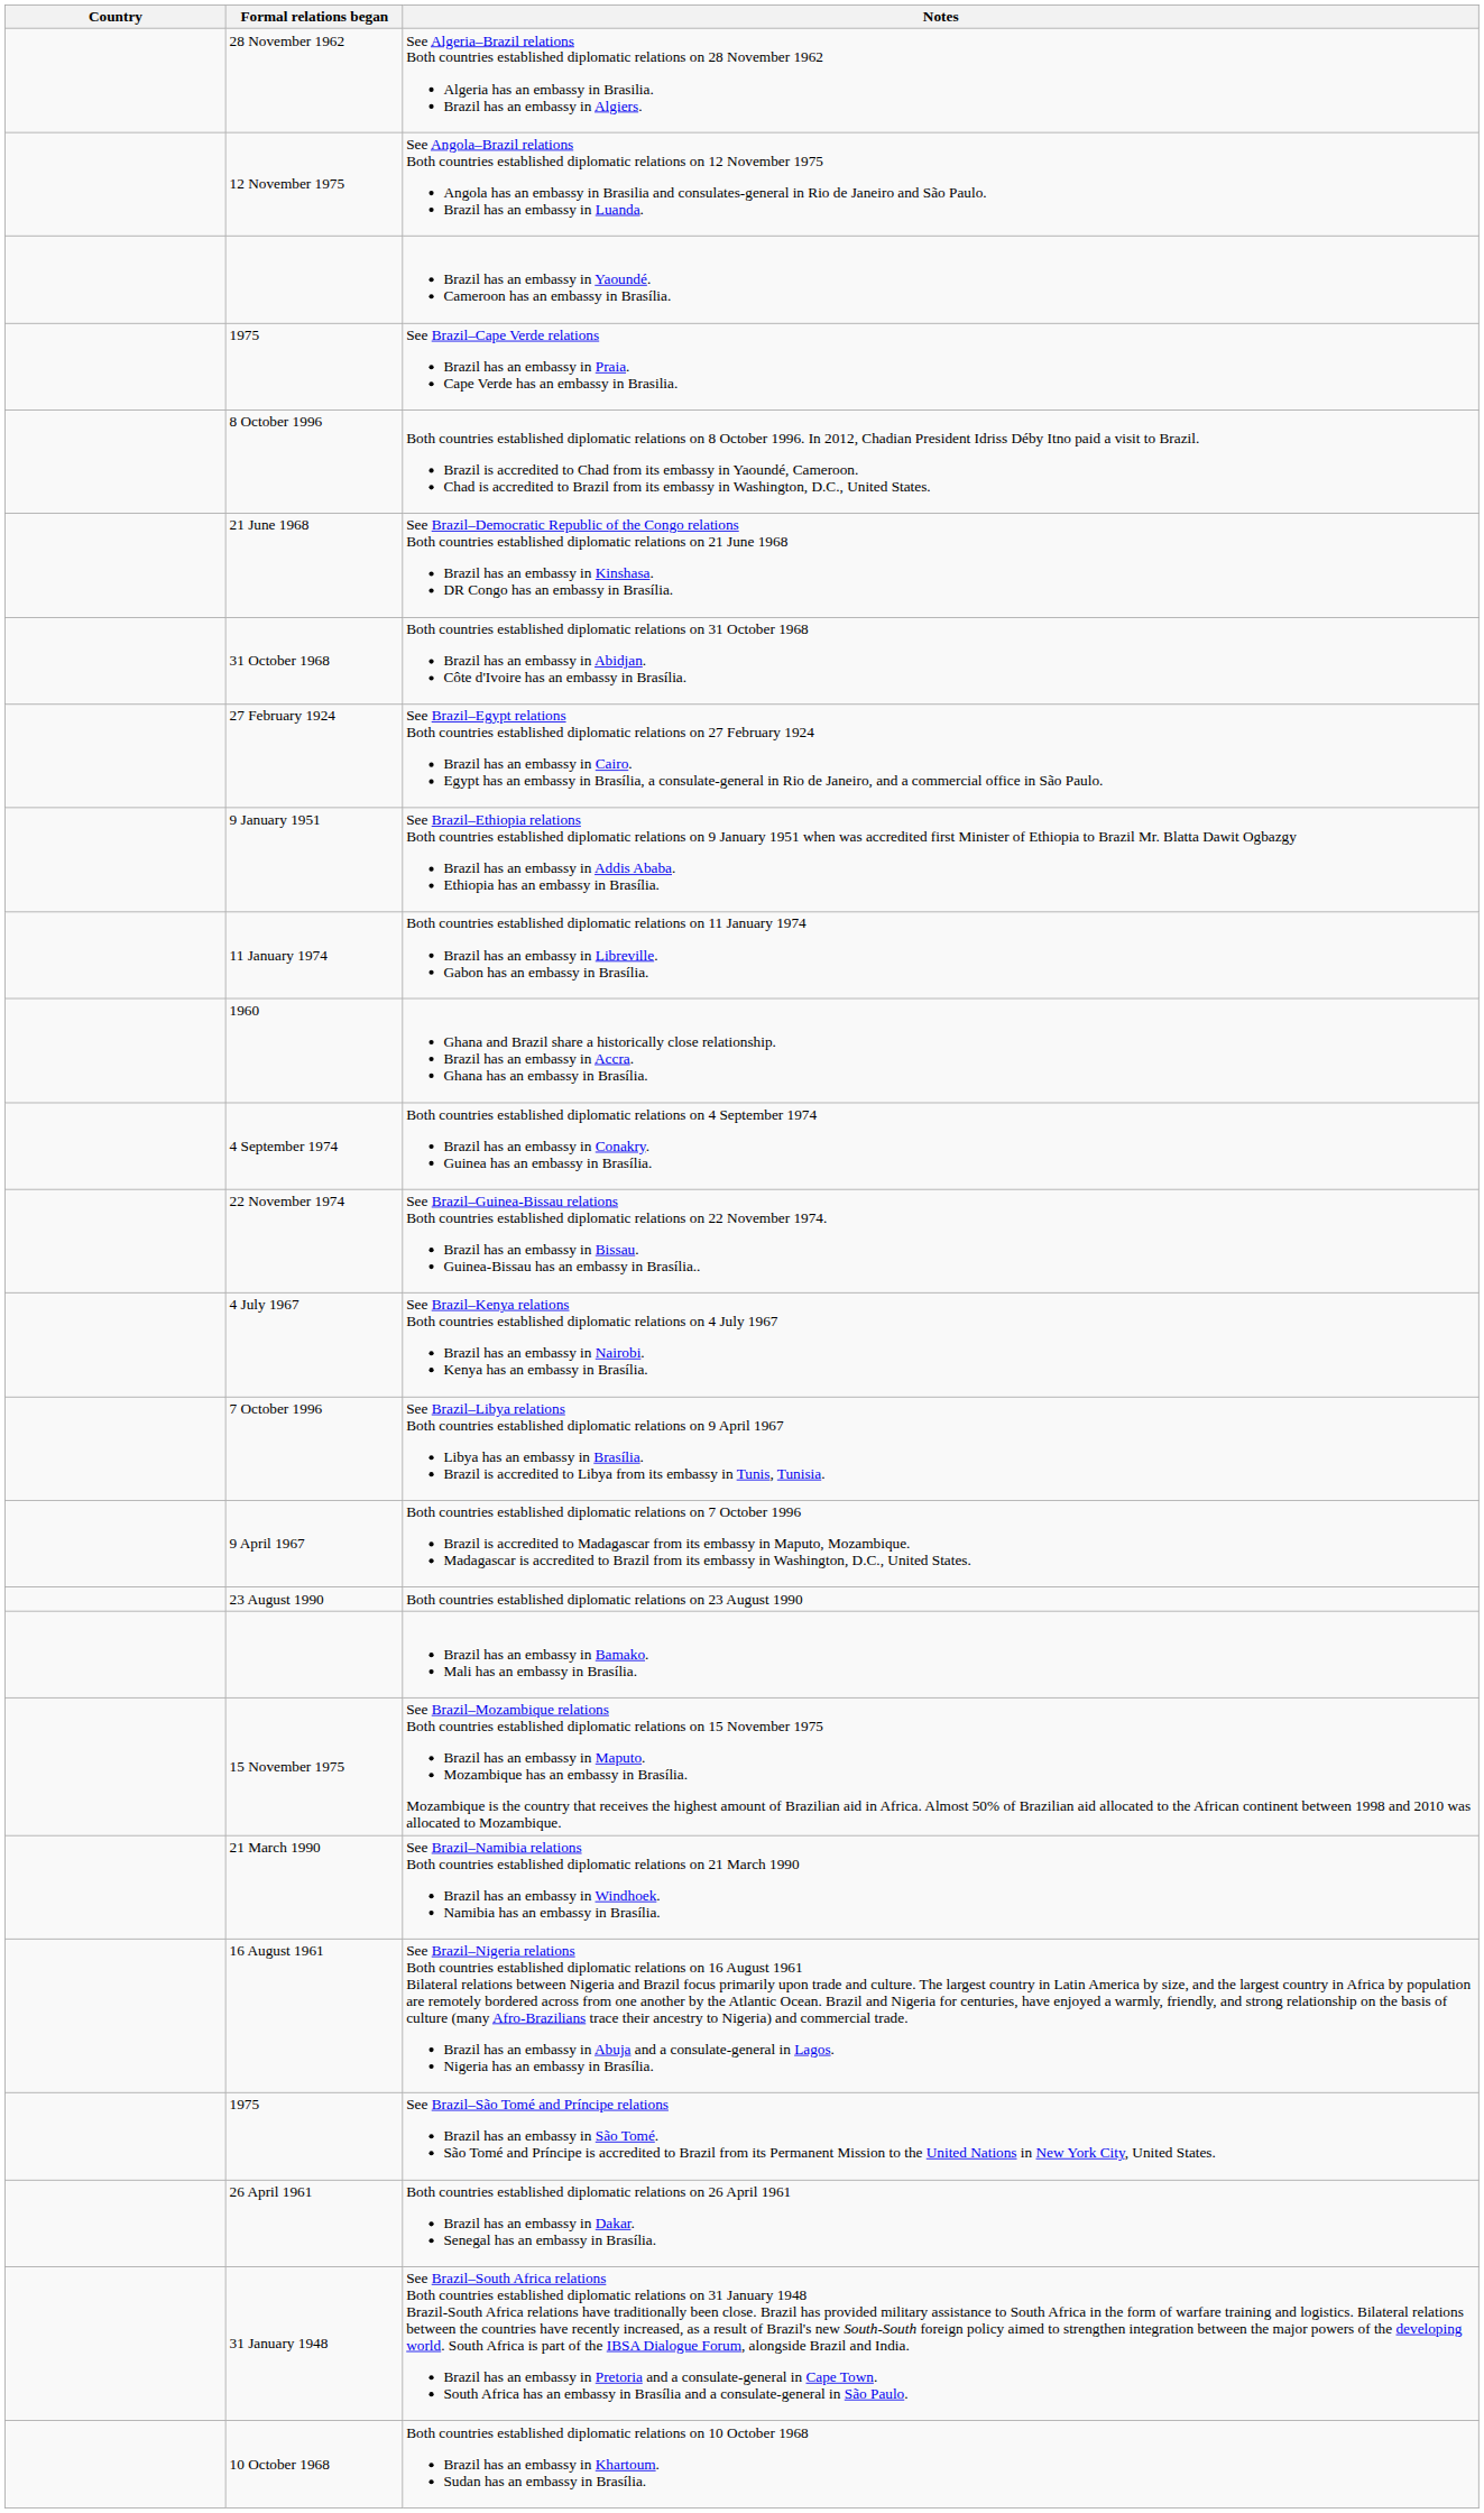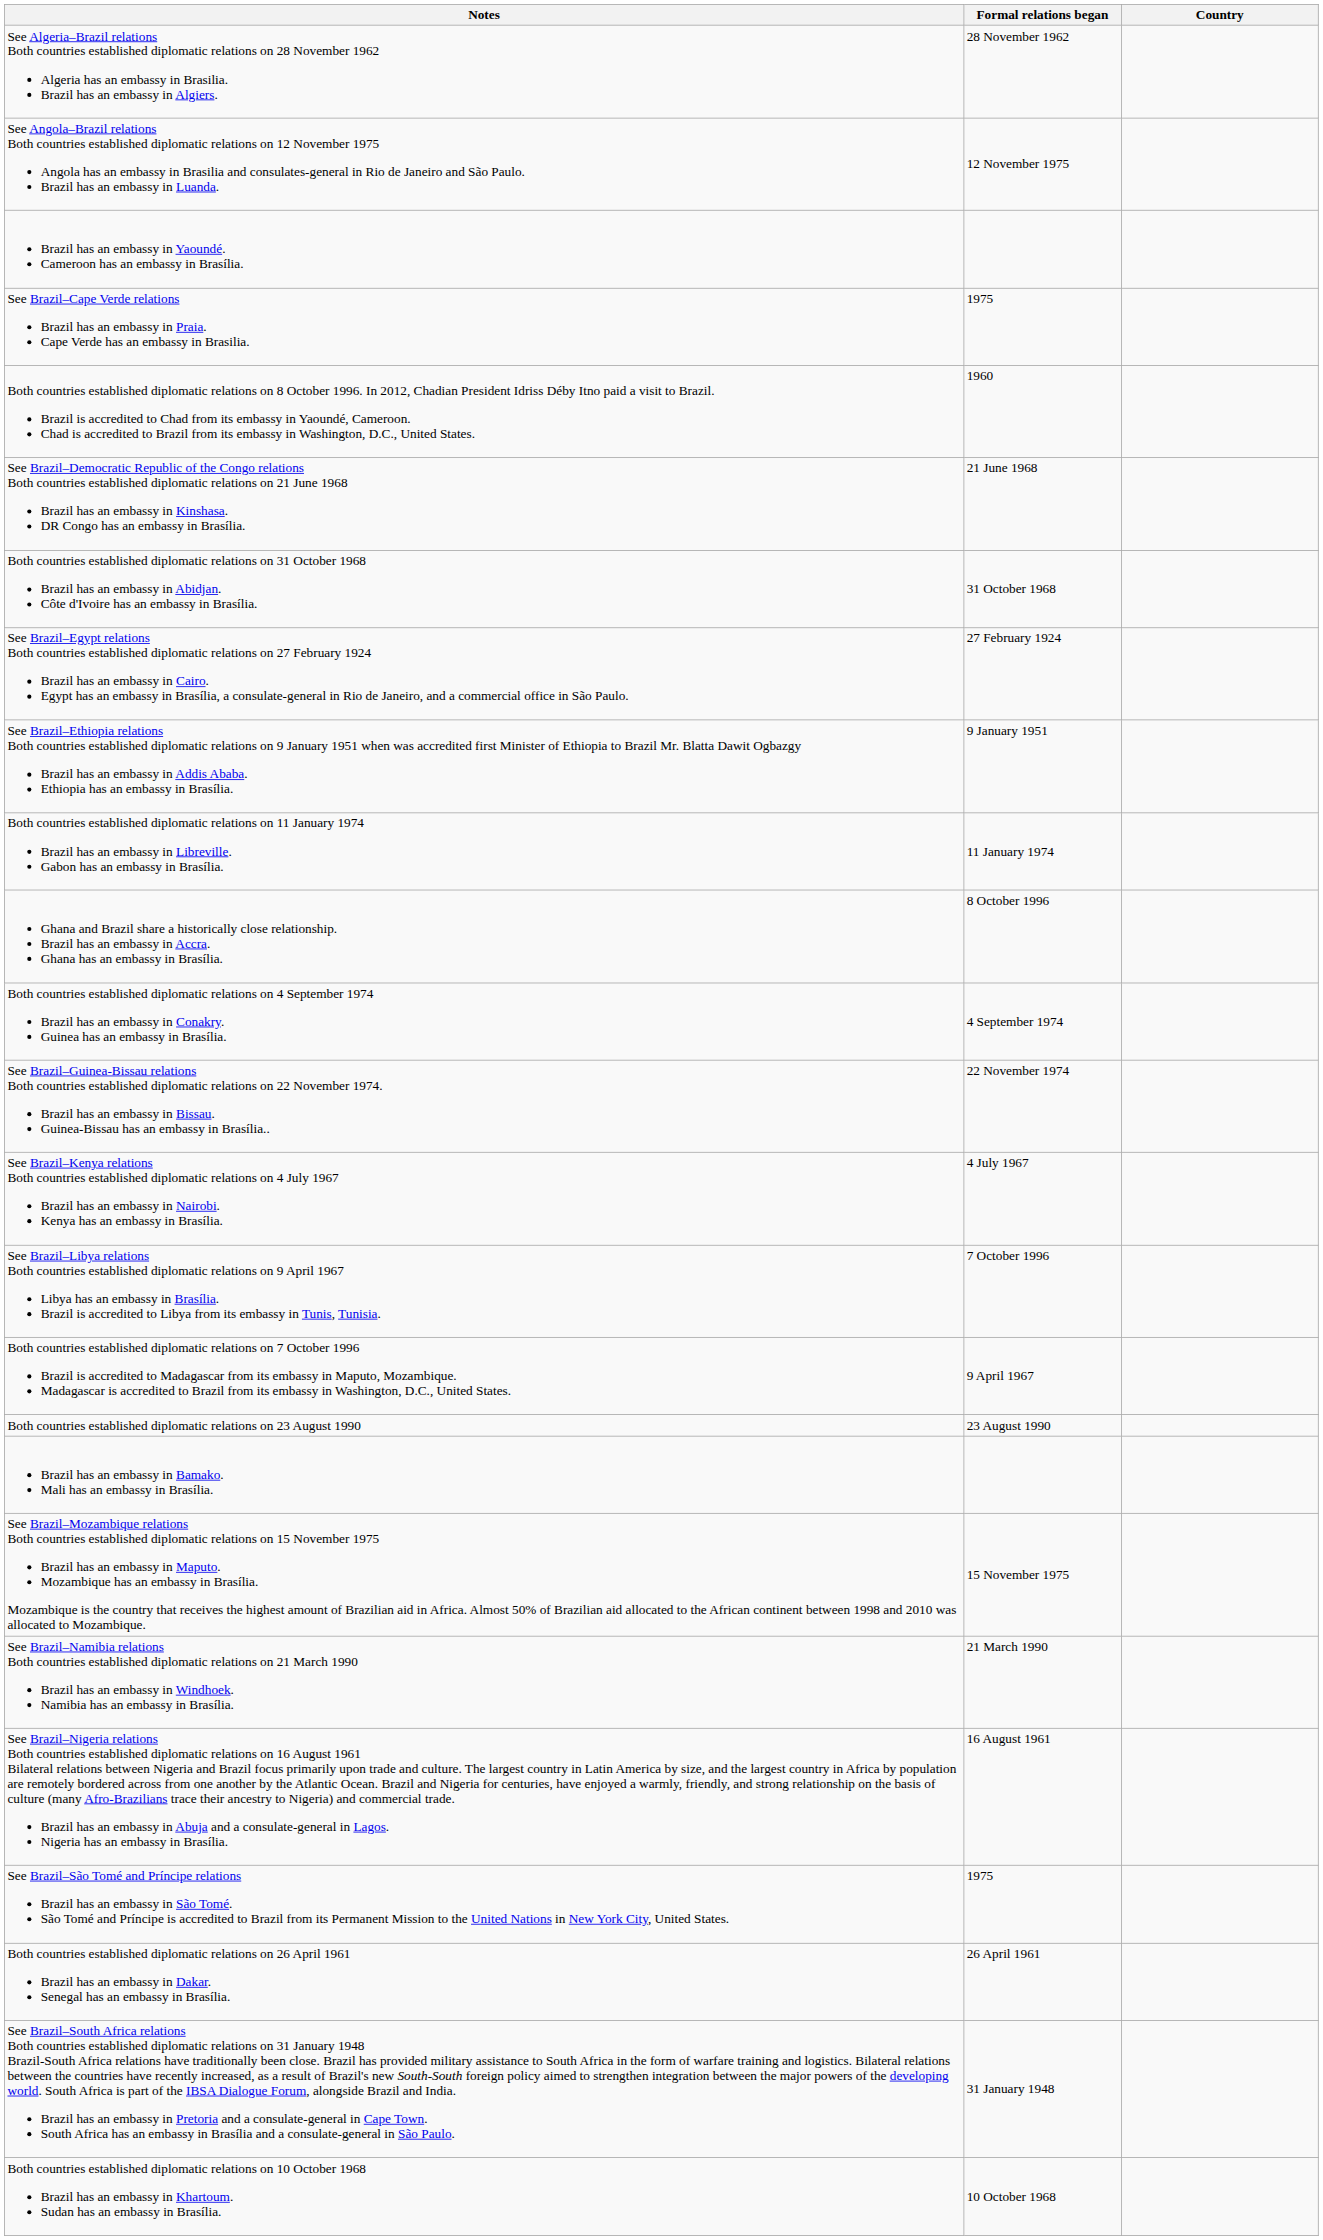 <table class="wikitable sortable" style="width:100%; margin:auto;">
 <tr>
+<th>Notes</th>
+<th style="width:12%;">Formal relations began</th>
 <th style="width:15%;">Country</th>
-<th style="width:12%;">Formal relations began</th>
-<th>Notes</th>
 </tr>
 <tr valign="top">
+<td>See <a href='#'>Algeria–Brazil relations</a><br>Both countries established diplomatic relations on 28 November 1962<ul><li>Algeria has an embassy in Brasilia.</li><li>Brazil has an embassy in <a href='#'>Algiers</a>.</li></ul></td>
+<td>28 November 1962</td>
 <td></td>
-<td>28 November 1962</td>
-<td>See <a href='#'>Algeria–Brazil relations</a><br>Both countries established diplomatic relations on 28 November 1962<ul><li>Algeria has an embassy in Brasilia.</li><li>Brazil has an embassy in <a href='#'>Algiers</a>.</li></ul></td>
 </tr>
 <tr -valign="top">
+<td>See <a href='#'>Angola–Brazil relations</a><br>Both countries established diplomatic relations on 12 November 1975<ul><li>Angola has an embassy in Brasilia and consulates-general in Rio de Janeiro and São Paulo.</li><li>Brazil has an embassy in <a href='#'>Luanda</a>.</li></ul></td>
+<td>12 November 1975</td>
 <td></td>
-<td>12 November 1975</td>
-<td>See <a href='#'>Angola–Brazil relations</a><br>Both countries established diplomatic relations on 12 November 1975<ul><li>Angola has an embassy in Brasilia and consulates-general in Rio de Janeiro and São Paulo.</li><li>Brazil has an embassy in <a href='#'>Luanda</a>.</li></ul></td>
 </tr>
 <tr -valign="top">
+<td><br><ul><li>Brazil has an embassy in <a href='#'>Yaoundé</a>.</li><li>Cameroon has an embassy in Brasília.</li></ul></td>
 <td></td>
 <td></td>
-<td><br><ul><li>Brazil has an embassy in <a href='#'>Yaoundé</a>.</li><li>Cameroon has an embassy in Brasília.</li></ul></td>
 </tr>
 <tr valign="top">
+<td>See <a href='#'>Brazil–Cape Verde relations</a><br><ul><li>Brazil has an embassy in <a href='#'>Praia</a>.</li><li>Cape Verde has an embassy in Brasilia.</li></ul></td>
+<td>1975</td>
 <td></td>
-<td>1975</td>
-<td>See <a href='#'>Brazil–Cape Verde relations</a><br><ul><li>Brazil has an embassy in <a href='#'>Praia</a>.</li><li>Cape Verde has an embassy in Brasilia.</li></ul></td>
 </tr>
 <tr valign="top">
+<td><br>Both countries established diplomatic relations on 8 October 1996. In 2012, Chadian President Idriss Déby Itno paid a visit to Brazil.<ul><li>Brazil is accredited to Chad from its embassy in Yaoundé, Cameroon.</li><li>Chad is accredited to Brazil from its embassy in Washington, D.C., United States.</li></ul></td>
+<td>1960</td>
 <td></td>
-<td>8 October 1996</td>
-<td><br>Both countries established diplomatic relations on 8 October 1996. In 2012, Chadian President Idriss Déby Itno paid a visit to Brazil.<ul><li>Brazil is accredited to Chad from its embassy in Yaoundé, Cameroon.</li><li>Chad is accredited to Brazil from its embassy in Washington, D.C., United States.</li></ul></td>
 </tr>
 <tr valign="top">
+<td>See <a href='#'>Brazil–Democratic Republic of the Congo relations</a><br>Both countries established diplomatic relations on 21 June 1968<ul><li>Brazil has an embassy in <a href='#'>Kinshasa</a>.</li><li>DR Congo has an embassy in Brasília.</li></ul></td>
+<td>21 June 1968</td>
 <td></td>
-<td>21 June 1968</td>
-<td>See <a href='#'>Brazil–Democratic Republic of the Congo relations</a><br>Both countries established diplomatic relations on 21 June 1968<ul><li>Brazil has an embassy in <a href='#'>Kinshasa</a>.</li><li>DR Congo has an embassy in Brasília.</li></ul></td>
 </tr>
 <tr -valign="top">
+<td>Both countries established diplomatic relations on 31 October 1968<br><ul><li>Brazil has an embassy in <a href='#'>Abidjan</a>.</li><li>Côte d'Ivoire has an embassy in Brasília.</li></ul></td>
+<td>31 October 1968</td>
 <td></td>
-<td>31 October 1968</td>
-<td>Both countries established diplomatic relations on 31 October 1968<br><ul><li>Brazil has an embassy in <a href='#'>Abidjan</a>.</li><li>Côte d'Ivoire has an embassy in Brasília.</li></ul></td>
 </tr>
 <tr valign="top">
+<td>See <a href='#'>Brazil–Egypt relations</a><br>Both countries established diplomatic relations on 27 February 1924<ul><li>Brazil has an embassy in <a href='#'>Cairo</a>.</li><li>Egypt has an embassy in Brasília, a consulate-general in Rio de Janeiro, and a commercial office in São Paulo.</li></ul></td>
+<td>27 February 1924</td>
 <td></td>
-<td>27 February 1924</td>
-<td>See <a href='#'>Brazil–Egypt relations</a><br>Both countries established diplomatic relations on 27 February 1924<ul><li>Brazil has an embassy in <a href='#'>Cairo</a>.</li><li>Egypt has an embassy in Brasília, a consulate-general in Rio de Janeiro, and a commercial office in São Paulo.</li></ul></td>
 </tr>
 <tr valign="top">
+<td>See <a href='#'>Brazil–Ethiopia relations</a><br>Both countries established diplomatic relations on 9 January 1951 when was accredited first Minister of Ethiopia to Brazil Mr. Blatta Dawit Ogbazgy<ul><li>Brazil has an embassy in <a href='#'>Addis Ababa</a>.</li><li>Ethiopia has an embassy in Brasília.</li></ul></td>
+<td>9 January 1951</td>
 <td></td>
-<td>9 January 1951</td>
-<td>See <a href='#'>Brazil–Ethiopia relations</a><br>Both countries established diplomatic relations on 9 January 1951 when was accredited first Minister of Ethiopia to Brazil Mr. Blatta Dawit Ogbazgy<ul><li>Brazil has an embassy in <a href='#'>Addis Ababa</a>.</li><li>Ethiopia has an embassy in Brasília.</li></ul></td>
 </tr>
 <tr -valign="top">
+<td>Both countries established diplomatic relations on 11 January 1974<br><ul><li>Brazil has an embassy in <a href='#'>Libreville</a>.</li><li>Gabon has an embassy in Brasília.</li></ul></td>
+<td>11 January 1974</td>
 <td></td>
-<td>11 January 1974</td>
-<td>Both countries established diplomatic relations on 11 January 1974<br><ul><li>Brazil has an embassy in <a href='#'>Libreville</a>.</li><li>Gabon has an embassy in Brasília.</li></ul></td>
 </tr>
 <tr valign="top">
+<td><br><ul><li>Ghana and Brazil share a historically close relationship.</li><li>Brazil has an embassy in <a href='#'>Accra</a>.</li><li>Ghana has an embassy in Brasília.</li></ul></td>
+<td>8 October 1996</td>
 <td></td>
-<td>1960</td>
-<td><br><ul><li>Ghana and Brazil share a historically close relationship.</li><li>Brazil has an embassy in <a href='#'>Accra</a>.</li><li>Ghana has an embassy in Brasília.</li></ul></td>
 </tr>
 <tr -valign="top">
+<td>Both countries established diplomatic relations on 4 September 1974<br><ul><li>Brazil has an embassy in <a href='#'>Conakry</a>.</li><li>Guinea has an embassy in Brasília.</li></ul></td>
+<td>4 September 1974</td>
 <td></td>
-<td>4 September 1974</td>
-<td>Both countries established diplomatic relations on 4 September 1974<br><ul><li>Brazil has an embassy in <a href='#'>Conakry</a>.</li><li>Guinea has an embassy in Brasília.</li></ul></td>
 </tr>
 <tr valign="top">
+<td>See <a href='#'>Brazil–Guinea-Bissau relations</a><br>Both countries established diplomatic relations on 22 November 1974.<ul><li>Brazil has an embassy in <a href='#'>Bissau</a>.</li><li>Guinea-Bissau has an embassy in Brasília..</li></ul></td>
+<td>22 November 1974</td>
 <td></td>
-<td>22 November 1974</td>
-<td>See <a href='#'>Brazil–Guinea-Bissau relations</a><br>Both countries established diplomatic relations on 22 November 1974.<ul><li>Brazil has an embassy in <a href='#'>Bissau</a>.</li><li>Guinea-Bissau has an embassy in Brasília..</li></ul></td>
 </tr>
 <tr valign="top">
+<td>See <a href='#'>Brazil–Kenya relations</a><br>Both countries established diplomatic relations on 4 July 1967<ul><li>Brazil has an embassy in <a href='#'>Nairobi</a>.</li><li>Kenya has an embassy in Brasília.</li></ul></td>
+<td>4 July 1967</td>
 <td></td>
-<td>4 July 1967</td>
-<td>See <a href='#'>Brazil–Kenya relations</a><br>Both countries established diplomatic relations on 4 July 1967<ul><li>Brazil has an embassy in <a href='#'>Nairobi</a>.</li><li>Kenya has an embassy in Brasília.</li></ul></td>
 </tr>
 <tr valign="top">
+<td>See <a href='#'>Brazil–Libya relations</a><br>Both countries established diplomatic relations on 9 April 1967<ul><li>Libya has an embassy in <a href='#'>Brasília</a>.</li><li>Brazil is accredited to Libya from its embassy in <a href='#'>Tunis</a>, <a href='#'>Tunisia</a>.</li></ul></td>
+<td>7 October 1996</td>
 <td></td>
-<td>7 October 1996</td>
-<td>See <a href='#'>Brazil–Libya relations</a><br>Both countries established diplomatic relations on 9 April 1967<ul><li>Libya has an embassy in <a href='#'>Brasília</a>.</li><li>Brazil is accredited to Libya from its embassy in <a href='#'>Tunis</a>, <a href='#'>Tunisia</a>.</li></ul></td>
 </tr>
 <tr -valign="top">
+<td>Both countries established diplomatic relations on 7 October 1996<br><ul><li>Brazil is accredited to Madagascar from its embassy in Maputo, Mozambique.</li><li>Madagascar is accredited to Brazil from its embassy in Washington, D.C., United States.</li></ul></td>
+<td>9 April 1967</td>
 <td></td>
-<td>9 April 1967</td>
-<td>Both countries established diplomatic relations on 7 October 1996<br><ul><li>Brazil is accredited to Madagascar from its embassy in Maputo, Mozambique.</li><li>Madagascar is accredited to Brazil from its embassy in Washington, D.C., United States.</li></ul></td>
 </tr>
 <tr>
+<td>Both countries established diplomatic relations on 23 August 1990</td>
+<td>23 August 1990</td>
 <td></td>
-<td>23 August 1990</td>
-<td>Both countries established diplomatic relations on 23 August 1990</td>
 </tr>
 <tr -valign="top">
+<td><br><ul><li>Brazil has an embassy in <a href='#'>Bamako</a>.</li><li>Mali has an embassy in Brasília.</li></ul></td>
 <td></td>
 <td></td>
-<td><br><ul><li>Brazil has an embassy in <a href='#'>Bamako</a>.</li><li>Mali has an embassy in Brasília.</li></ul></td>
 </tr>
 <tr -valign="top">
+<td>See <a href='#'>Brazil–Mozambique relations</a><br>Both countries established diplomatic relations on 15 November 1975<ul><li>Brazil has an embassy in <a href='#'>Maputo</a>.</li><li>Mozambique has an embassy in Brasília.</li></ul>Mozambique is the country that receives the highest amount of Brazilian aid in Africa. Almost 50% of Brazilian aid allocated to the African continent between 1998 and 2010 was allocated to Mozambique.</td>
+<td>15 November 1975</td>
 <td></td>
-<td>15 November 1975</td>
-<td>See <a href='#'>Brazil–Mozambique relations</a><br>Both countries established diplomatic relations on 15 November 1975<ul><li>Brazil has an embassy in <a href='#'>Maputo</a>.</li><li>Mozambique has an embassy in Brasília.</li></ul>Mozambique is the country that receives the highest amount of Brazilian aid in Africa. Almost 50% of Brazilian aid allocated to the African continent between 1998 and 2010 was allocated to Mozambique.</td>
 </tr>
 <tr valign="top">
+<td>See <a href='#'>Brazil–Namibia relations</a><br>Both countries established diplomatic relations on 21 March 1990<ul><li>Brazil has an embassy in <a href='#'>Windhoek</a>.</li><li>Namibia has an embassy in Brasília.</li></ul></td>
+<td>21 March 1990</td>
 <td></td>
-<td>21 March 1990</td>
-<td>See <a href='#'>Brazil–Namibia relations</a><br>Both countries established diplomatic relations on 21 March 1990<ul><li>Brazil has an embassy in <a href='#'>Windhoek</a>.</li><li>Namibia has an embassy in Brasília.</li></ul></td>
 </tr>
 <tr - valign="top">
+<td>See <a href='#'>Brazil–Nigeria relations</a><br>Both countries established diplomatic relations on 16 August 1961<br>Bilateral relations between Nigeria and Brazil focus primarily upon trade and culture. The largest country in Latin America by size, and the largest country in Africa by population are remotely bordered across from one another by the Atlantic Ocean. Brazil and Nigeria for centuries, have enjoyed a warmly, friendly, and strong relationship on the basis of culture (many <a href='#'>Afro-Brazilians</a> trace their ancestry to Nigeria) and commercial trade.<ul><li>Brazil has an embassy in <a href='#'>Abuja</a> and a consulate-general in <a href='#'>Lagos</a>.</li><li>Nigeria has an embassy in Brasília.</li></ul></td>
+<td>16 August 1961</td>
 <td></td>
-<td>16 August 1961</td>
-<td>See <a href='#'>Brazil–Nigeria relations</a><br>Both countries established diplomatic relations on 16 August 1961<br>Bilateral relations between Nigeria and Brazil focus primarily upon trade and culture. The largest country in Latin America by size, and the largest country in Africa by population are remotely bordered across from one another by the Atlantic Ocean. Brazil and Nigeria for centuries, have enjoyed a warmly, friendly, and strong relationship on the basis of culture (many <a href='#'>Afro-Brazilians</a> trace their ancestry to Nigeria) and commercial trade.<ul><li>Brazil has an embassy in <a href='#'>Abuja</a> and a consulate-general in <a href='#'>Lagos</a>.</li><li>Nigeria has an embassy in Brasília.</li></ul></td>
 </tr>
 <tr valign="top">
+<td>See <a href='#'>Brazil–São Tomé and Príncipe relations</a><br><ul><li>Brazil has an embassy in <a href='#'>São Tomé</a>.</li><li>São Tomé and Príncipe is accredited to Brazil from its Permanent Mission to the <a href='#'>United Nations</a> in <a href='#'>New York City</a>, United States.</li></ul></td>
+<td>1975</td>
 <td></td>
-<td>1975</td>
-<td>See <a href='#'>Brazil–São Tomé and Príncipe relations</a><br><ul><li>Brazil has an embassy in <a href='#'>São Tomé</a>.</li><li>São Tomé and Príncipe is accredited to Brazil from its Permanent Mission to the <a href='#'>United Nations</a> in <a href='#'>New York City</a>, United States.</li></ul></td>
 </tr>
 <tr valign="top">
+<td>Both countries established diplomatic relations on 26 April 1961<br><ul><li>Brazil has an embassy in <a href='#'>Dakar</a>.</li><li>Senegal has an embassy in Brasília.</li></ul></td>
+<td>26 April 1961</td>
 <td></td>
-<td>26 April 1961</td>
-<td>Both countries established diplomatic relations on 26 April 1961<br><ul><li>Brazil has an embassy in <a href='#'>Dakar</a>.</li><li>Senegal has an embassy in Brasília.</li></ul></td>
 </tr>
 <tr -valign="top">
+<td>See <a href='#'>Brazil–South Africa relations</a><br>Both countries established diplomatic relations on 31 January 1948<br>Brazil-South Africa relations have traditionally been close. Brazil has provided military assistance to South Africa in the form of warfare training and logistics. Bilateral relations between the countries have recently increased, as a result of Brazil's new <em>South-South</em> foreign policy aimed to strengthen integration between the major powers of the <a href='#'>developing world</a>. South Africa is part of the <a href='#'>IBSA Dialogue Forum</a>, alongside Brazil and India.<ul><li>Brazil has an embassy in <a href='#'>Pretoria</a> and a consulate-general in <a href='#'>Cape Town</a>.</li><li>South Africa has an embassy in Brasília and a consulate-general in <a href='#'>São Paulo</a>.</li></ul></td>
+<td>31 January 1948</td>
 <td></td>
-<td>31 January 1948</td>
-<td>See <a href='#'>Brazil–South Africa relations</a><br>Both countries established diplomatic relations on 31 January 1948<br>Brazil-South Africa relations have traditionally been close. Brazil has provided military assistance to South Africa in the form of warfare training and logistics. Bilateral relations between the countries have recently increased, as a result of Brazil's new <em>South-South</em> foreign policy aimed to strengthen integration between the major powers of the <a href='#'>developing world</a>. South Africa is part of the <a href='#'>IBSA Dialogue Forum</a>, alongside Brazil and India.<ul><li>Brazil has an embassy in <a href='#'>Pretoria</a> and a consulate-general in <a href='#'>Cape Town</a>.</li><li>South Africa has an embassy in Brasília and a consulate-general in <a href='#'>São Paulo</a>.</li></ul></td>
 </tr>
 <tr -valign="top">
+<td>Both countries established diplomatic relations on 10 October 1968<br><ul><li>Brazil has an embassy in <a href='#'>Khartoum</a>.</li><li>Sudan has an embassy in Brasília.</li></ul></td>
+<td>10 October 1968</td>
 <td></td>
-<td>10 October 1968</td>
-<td>Both countries established diplomatic relations on 10 October 1968<br><ul><li>Brazil has an embassy in <a href='#'>Khartoum</a>.</li><li>Sudan has an embassy in Brasília.</li></ul></td>
 </tr>
 </table>
